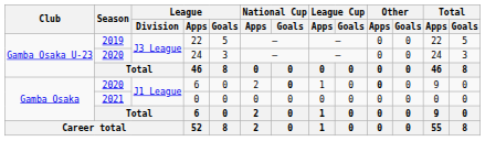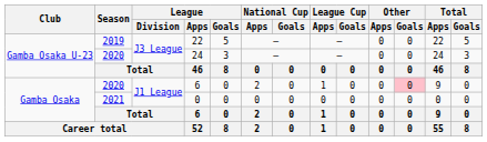 <table class="wikitable" style="text-align: center">
 <tr>
 <th rowspan="2">Club</th>
 <th rowspan="2">Season</th>
 <th colspan="3">League</th>
 <th colspan="2">National Cup</th>
 <th colspan="2">League Cup</th>
 <th colspan="2">Other</th>
 <th colspan="2">Total</th>
 </tr>
 <tr>
 <th>Division</th>
 <th>Apps</th>
 <th>Goals</th>
 <th>Apps</th>
 <th>Goals</th>
 <th>Apps</th>
 <th>Goals</th>
 <th>Apps</th>
 <th>Goals</th>
 <th>Apps</th>
 <th>Goals</th>
 </tr>
 <tr>
 <td rowspan="3"><a href='#'>Gamba Osaka U-23</a></td>
 <td><a href='#'>2019</a></td>
 <td rowspan="2"><a href='#'>J3 League</a></td>
 <td>22</td>
 <td>5</td>
 <td colspan="2">–</td>
 <td colspan="2">–</td>
 <td>0</td>
 <td>0</td>
 <td>22</td>
 <td>5</td>
 </tr>
 <tr>
 <td><a href='#'>2020</a></td>
 <td>24</td>
 <td>3</td>
 <td colspan="2">–</td>
 <td colspan="2">–</td>
 <td>0</td>
 <td>0</td>
 <td>24</td>
 <td>3</td>
 </tr>
 <tr>
 <th colspan=2>Total</th>
 <th>46</th>
 <th>8</th>
 <th>0</th>
 <th>0</th>
 <th>0</th>
 <th>0</th>
 <th>0</th>
 <th>0</th>
 <th>46</th>
 <th>8</th>
 </tr>
 <tr>
 <td rowspan="3"><a href='#'>Gamba Osaka</a></td>
 <td><a href='#'>2020</a></td>
 <td rowspan="2"><a href='#'>J1 League</a></td>
 <td>6</td>
 <td>0</td>
 <td>2</td>
-<td><strong>0</strong></td>
+<td>0</td>
 <td>1</td>
 <td>0</td>
-<td><strong>0</strong></td>
 <td>0</td>
+<td style="background: pink;">0</td>
 <td>9</td>
 <td>0</td>
 </tr>
 <tr>
 <td><a href='#'>2021</a></td>
 <td>0</td>
 <td>0</td>
 <td>0</td>
 <td>0</td>
 <td>0</td>
 <td>0</td>
 <td>0</td>
 <td>0</td>
 <td>0</td>
 <td>0</td>
 </tr>
 <tr>
 <th colspan=2>Total</th>
 <th>6</th>
 <th>0</th>
 <th>2</th>
 <th>0</th>
 <th>1</th>
 <th>0</th>
 <th>0</th>
 <th>0</th>
 <th>9</th>
 <th>0</th>
 </tr>
 <tr>
 <th colspan=3>Career total</th>
 <th>52</th>
 <th>8</th>
 <th>2</th>
 <th>0</th>
 <th>1</th>
 <th>0</th>
 <th>0</th>
 <th>0</th>
 <th>55</th>
 <th>8</th>
 </tr>
 </table>
